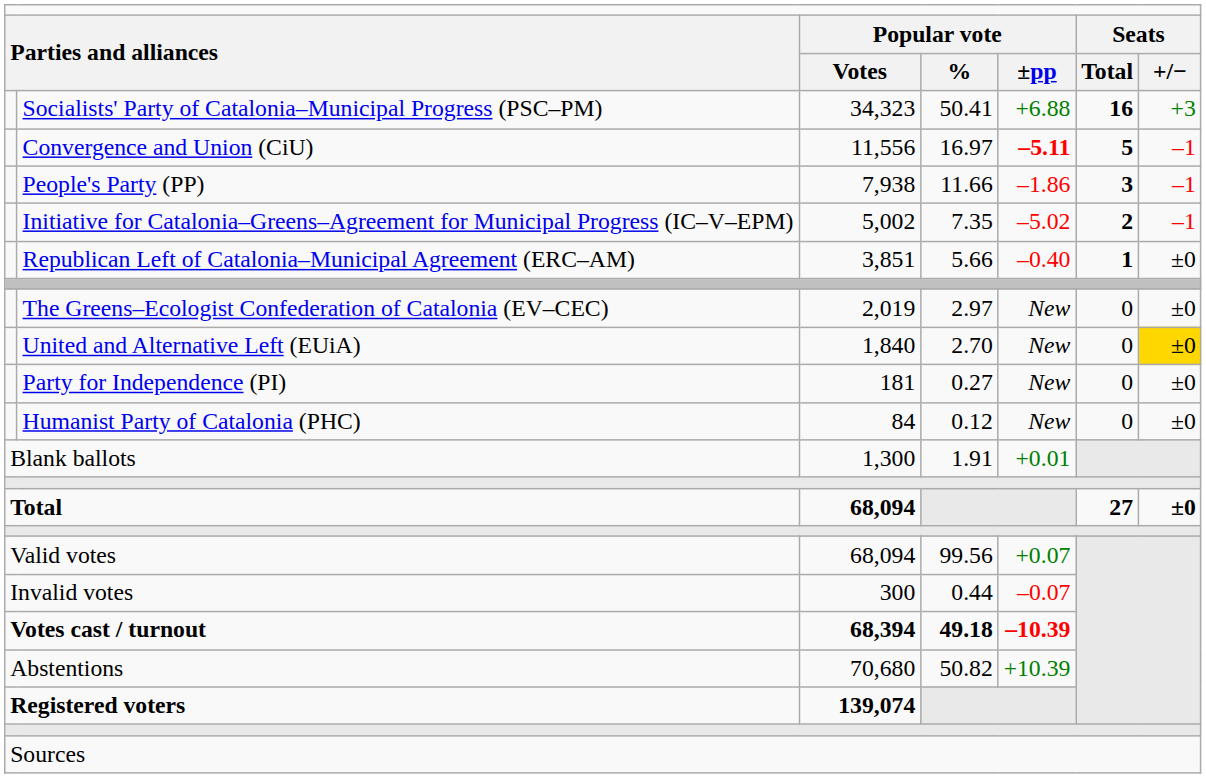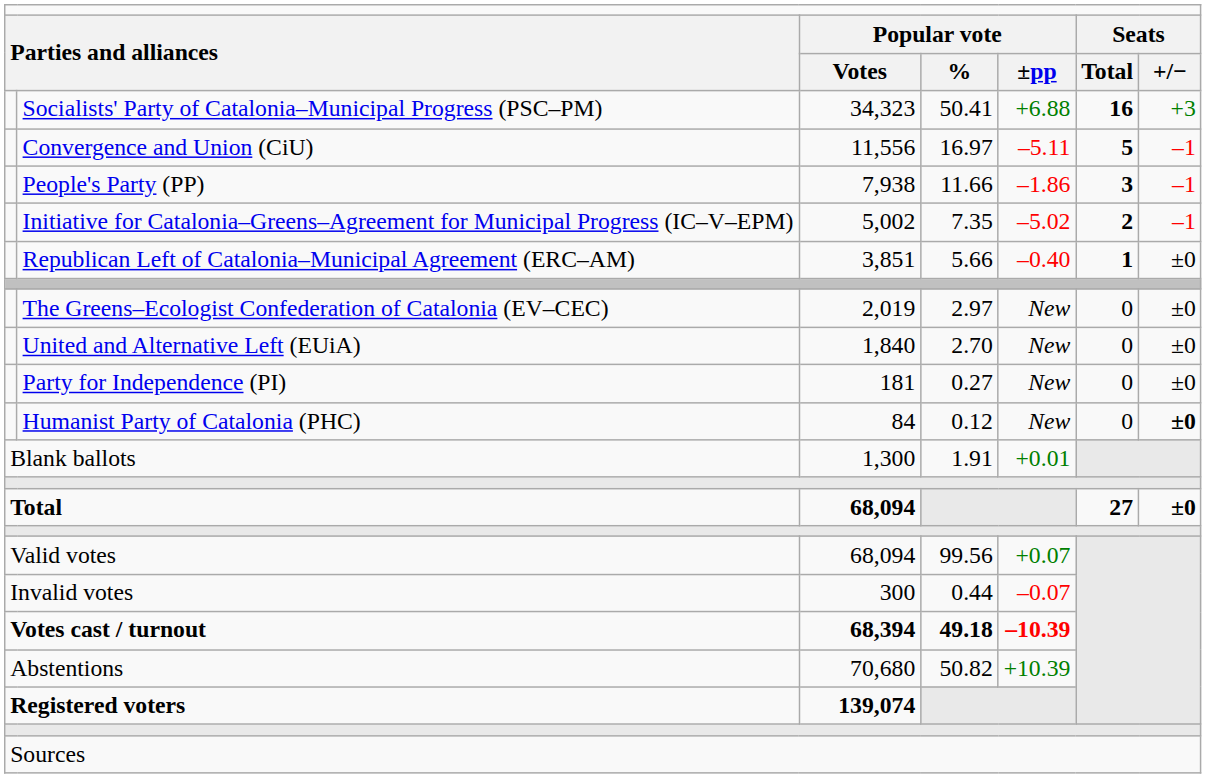 <table class="wikitable" style="text-align:right;">
 <tr>
 <td colspan="7"></td>
 </tr>
 <tr>
 <th style="text-align:left;" rowspan="2" colspan="2" width="525">Parties and alliances</th>
 <th colspan="3">Popular vote</th>
 <th colspan="2">Seats</th>
 </tr>
 <tr>
 <th width="75">Votes</th>
 <th width="45">%</th>
 <th width="45">±<a href='#'>pp</a></th>
 <th width="35">Total</th>
 <th width="35">+/−</th>
 </tr>
 <tr>
 <td width="1" style="color:inherit;background:"></td>
 <td align="left"><a href='#'>Socialists' Party of Catalonia–Municipal Progress</a> (PSC–PM)</td>
 <td>34,323</td>
 <td>50.41</td>
 <td style="color:green;">+6.88</td>
 <td><strong>16</strong></td>
 <td style="color:green;">+3</td>
 </tr>
 <tr>
 <td style="color:inherit;background:"></td>
 <td align="left"><a href='#'>Convergence and Union</a> (CiU)</td>
 <td>11,556</td>
 <td>16.97</td>
-<td style="color:red;"><strong>–5.11</strong></td>
+<td style="color:red;">–5.11</td>
 <td><strong>5</strong></td>
 <td style="color:red;">–1</td>
 </tr>
 <tr>
 <td style="color:inherit;background:"></td>
 <td align="left"><a href='#'>People's Party</a> (PP)</td>
 <td>7,938</td>
 <td>11.66</td>
 <td style="color:red;">–1.86</td>
 <td><strong>3</strong></td>
 <td style="color:red;">–1</td>
 </tr>
 <tr>
 <td style="color:inherit;background:"></td>
 <td align="left"><a href='#'>Initiative for Catalonia–Greens–Agreement for Municipal Progress</a> (IC–V–EPM)</td>
 <td>5,002</td>
 <td>7.35</td>
 <td style="color:red;">–5.02</td>
 <td><strong>2</strong></td>
 <td style="color:red;">–1</td>
 </tr>
 <tr>
 <td style="color:inherit;background:"></td>
 <td align="left"><a href='#'>Republican Left of Catalonia–Municipal Agreement</a> (ERC–AM)</td>
 <td>3,851</td>
 <td>5.66</td>
 <td style="color:red;">–0.40</td>
 <td><strong>1</strong></td>
 <td>±0</td>
 </tr>
 <tr>
 <td colspan="7" style="color:inherit;background:#C0C0C0"></td>
 </tr>
 <tr>
 <td style="color:inherit;background:"></td>
 <td align="left"><a href='#'>The Greens–Ecologist Confederation of Catalonia</a> (EV–CEC)</td>
 <td>2,019</td>
 <td>2.97</td>
 <td><em>New</em></td>
 <td>0</td>
 <td>±0</td>
 </tr>
 <tr>
 <td style="color:inherit;background:"></td>
 <td align="left"><a href='#'>United and Alternative Left</a> (EUiA)</td>
 <td>1,840</td>
 <td>2.70</td>
 <td><em>New</em></td>
 <td>0</td>
-<td style="background: gold;">±0</td>
+<td>±0</td>
 </tr>
 <tr>
 <td style="color:inherit;background:"></td>
 <td align="left"><a href='#'>Party for Independence</a> (PI)</td>
 <td>181</td>
 <td>0.27</td>
 <td><em>New</em></td>
 <td>0</td>
 <td>±0</td>
 </tr>
 <tr>
 <td style="color:inherit;background:"></td>
 <td align="left"><a href='#'>Humanist Party of Catalonia</a> (PHC)</td>
 <td>84</td>
 <td>0.12</td>
 <td><em>New</em></td>
 <td>0</td>
-<td>±0</td>
+<td><strong>±0</strong></td>
 </tr>
 <tr>
 <td align="left" colspan="2">Blank ballots</td>
 <td>1,300</td>
 <td>1.91</td>
 <td style="color:green;">+0.01</td>
 <td style="color:inherit;background:#E9E9E9" colspan="2"></td>
 </tr>
 <tr>
 <td colspan="7" style="color:inherit;background:#E9E9E9"></td>
 </tr>
 <tr style="font-weight:bold;">
 <td align="left" colspan="2">Total</td>
 <td>68,094</td>
 <td bgcolor="#E9E9E9" colspan="2"></td>
 <td>27</td>
 <td>±0</td>
 </tr>
 <tr>
 <td colspan="7" style="color:inherit;background:#E9E9E9"></td>
 </tr>
 <tr>
 <td align="left" colspan="2">Valid votes</td>
 <td>68,094</td>
 <td>99.56</td>
 <td style="color:green;">+0.07</td>
 <td bgcolor="#E9E9E9" colspan="2" rowspan="5"></td>
 </tr>
 <tr>
 <td align="left" colspan="2">Invalid votes</td>
 <td>300</td>
 <td>0.44</td>
 <td style="color:red;">–0.07</td>
 </tr>
 <tr style="font-weight:bold;">
 <td align="left" colspan="2">Votes cast / turnout</td>
 <td>68,394</td>
 <td>49.18</td>
 <td style="color:red;">–10.39</td>
 </tr>
 <tr>
 <td align="left" colspan="2">Abstentions</td>
 <td>70,680</td>
 <td>50.82</td>
 <td style="color:green;">+10.39</td>
 </tr>
 <tr style="font-weight:bold;">
 <td align="left" colspan="2">Registered voters</td>
 <td>139,074</td>
 <td bgcolor="#E9E9E9" colspan="2"></td>
 </tr>
 <tr>
 <td colspan="7" style="color:inherit;background:#E9E9E9"></td>
 </tr>
 <tr>
 <td align="left" colspan="7">Sources</td>
 </tr>
 </table>
